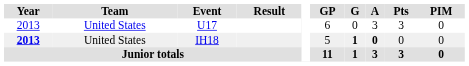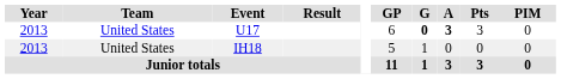 <table border="0" cellpadding="1" cellspacing="0" style="text-align:center; width:40em">
 <tr ALIGN="center" bgcolor="#e0e0e0">
 <th>Year</th>
 <th>Team</th>
 <th>Event</th>
 <th>Result</th>
 <th rowspan="99" bgcolor="#ffffff"> </th>
 <th>GP</th>
 <th>G</th>
 <th>A</th>
 <th>Pts</th>
 <th>PIM</th>
 </tr>
 <tr>
 <td><a href='#'>2013</a></td>
 <td><a href='#'>United States</a></td>
 <td><a href='#'>U17</a></td>
 <td></td>
 <td>6</td>
-<td>0</td>
-<td>3</td>
+<td><strong>0</strong></td>
+<td><strong>3</strong></td>
 <td>3</td>
 <td>0</td>
 </tr>
 <tr bgcolor="#f0f0f0">
-<td><strong><a href='#'>2013</a></strong></td>
+<td><a href='#'>2013</a></td>
 <td>United States</td>
 <td><a href='#'>IH18</a></td>
 <td></td>
 <td>5</td>
-<td><strong>1</strong></td>
-<td><strong>0</strong></td>
+<td>1</td>
+<td>0</td>
 <td>0</td>
 <td>0</td>
 </tr>
 <tr>
 </tr>
 <tr bgcolor="#e0e0e0">
 <th colspan="4">Junior totals</th>
 <th>11</th>
 <th>1</th>
 <th>3</th>
 <th>3</th>
 <th>0</th>
 </tr>
 </table>
